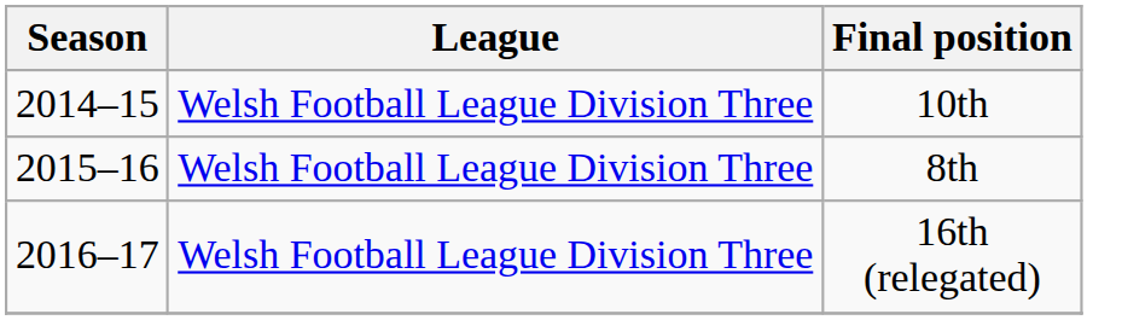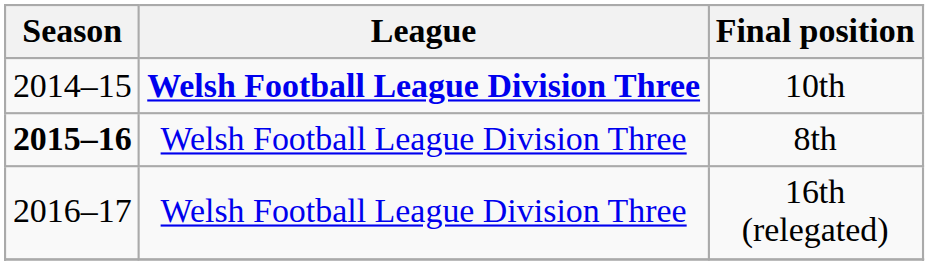 <table class="wikitable" style="text-align: center">
 <tr>
 <th>Season</th>
 <th>League</th>
 <th>Final position</th>
 </tr>
 <tr>
 <td>2014–15</td>
-<td><a href='#'>Welsh Football League Division Three</a></td>
+<td><strong><a href='#'>Welsh Football League Division Three</a></strong></td>
 <td>10th</td>
 </tr>
 <tr>
-<td>2015–16</td>
+<td><strong>2015–16</strong></td>
 <td><a href='#'>Welsh Football League Division Three</a></td>
 <td>8th</td>
 </tr>
 <tr>
 <td>2016–17</td>
 <td><a href='#'>Welsh Football League Division Three</a></td>
 <td>16th<br>(relegated)</td>
 </tr>
 <tr>
 </tr>
 <tr>
 </tr>
 </table>
